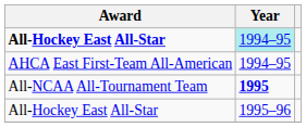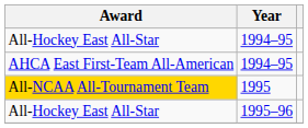 <table class="wikitable">
 <tr>
 <th>Award</th>
 <th>Year</th>
 <th></th>
 </tr>
 <tr>
-<td><strong>All-<a href='#'>Hockey East</a> <a href='#'>All-Star</a></strong></td>
-<td style="background: paleturquoise;"><a href='#'>1994–95</a></td>
+<td>All-<a href='#'>Hockey East</a> <a href='#'>All-Star</a></td>
+<td><a href='#'>1994–95</a></td>
 <td></td>
 </tr>
 <tr>
 <td><a href='#'>AHCA</a> <a href='#'>East First-Team All-American</a></td>
 <td><a href='#'>1994–95</a></td>
 <td></td>
 </tr>
 <tr>
-<td>All-<a href='#'>NCAA</a> <a href='#'>All-Tournament Team</a></td>
-<td><strong><a href='#'>1995</a></strong></td>
+<td style="background: gold;">All-<a href='#'>NCAA</a> <a href='#'>All-Tournament Team</a></td>
+<td><a href='#'>1995</a></td>
 <td></td>
 </tr>
 <tr>
 <td>All-<a href='#'>Hockey East</a> <a href='#'>All-Star</a></td>
 <td><a href='#'>1995–96</a></td>
 <td></td>
 </tr>
 <tr>
 </tr>
 </table>
